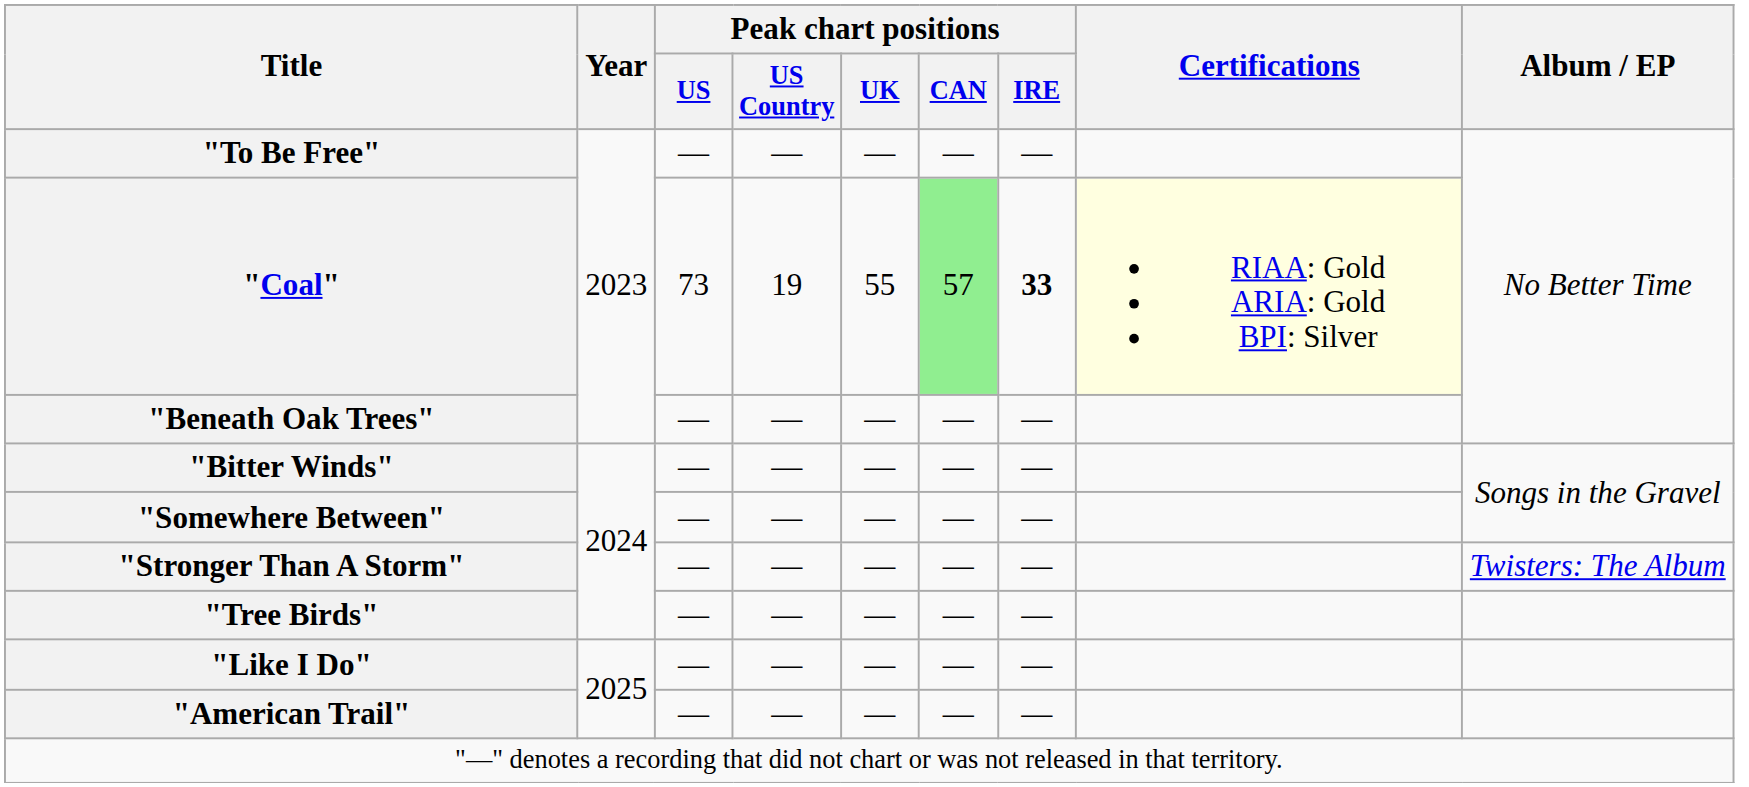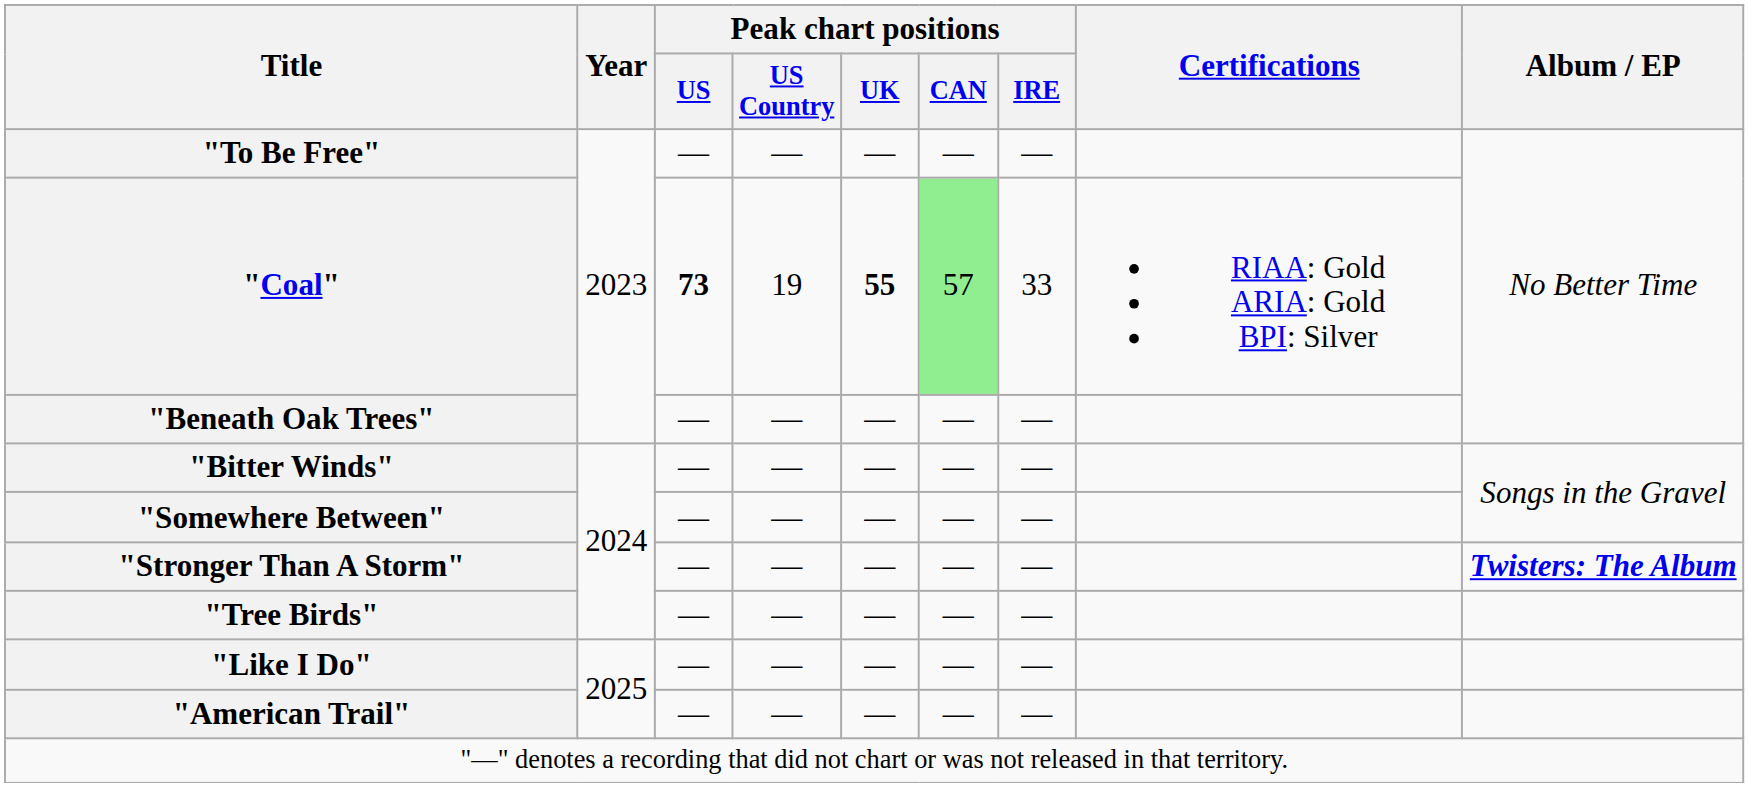 <table class="wikitable plainrowheaders" style="text-align:center;">
 <tr>
 <th scope="col" rowspan="2" style="width:18em;">Title</th>
 <th scope="col" rowspan="2">Year</th>
 <th colspan="5" scope="col">Peak chart positions</th>
 <th scope="col" rowspan="2" style="width:12em;"><a href='#'>Certifications</a></th>
 <th scope="col" rowspan="2">Album / EP</th>
 </tr>
 <tr>
 <th scope="col" style="width:2.5em;font-size:85%;"><a href='#'>US</a><br></th>
 <th scope="col" style="width:2.5em;font-size:85%;"><a href='#'>US Country</a><br></th>
 <th scope="col" style="width:2.5em;font-size:85%;"><a href='#'>UK</a><br></th>
 <th scope="col" style="width:2.5em;font-size:85%;"><a href='#'>CAN</a><br></th>
 <th scope="col" style="width:2.5em;font-size:85%;"><a href='#'>IRE</a><br></th>
 </tr>
 <tr>
 <th scope="row">"To Be Free"</th>
 <td rowspan= "3">2023</td>
 <td>—</td>
 <td>—</td>
 <td>—</td>
 <td>—</td>
 <td>—</td>
 <td></td>
 <td rowspan= "3"><em>No Better Time</em></td>
 </tr>
 <tr>
 <th scope="row">"<a href='#'>Coal</a>"</th>
-<td>73</td>
+<td><strong>73</strong></td>
 <td>19</td>
-<td>55</td>
+<td><strong>55</strong></td>
 <td style="background: lightgreen;">57</td>
-<td><strong>33</strong></td>
-<td style="background: lightyellow;"><br><ul><li><a href='#'>RIAA</a>: Gold</li><li><a href='#'>ARIA</a>: Gold</li><li><a href='#'>BPI</a>: Silver</li></ul></td>
+<td>33</td>
+<td><br><ul><li><a href='#'>RIAA</a>: Gold</li><li><a href='#'>ARIA</a>: Gold</li><li><a href='#'>BPI</a>: Silver</li></ul></td>
 </tr>
 <tr>
 <th scope="row">"Beneath Oak Trees"</th>
 <td>—</td>
 <td>—</td>
 <td>—</td>
 <td>—</td>
 <td>—</td>
 <td></td>
 </tr>
 <tr>
 <th scope="row">"Bitter Winds"</th>
 <td rowspan= "4">2024</td>
 <td>—</td>
 <td>—</td>
 <td>—</td>
 <td>—</td>
 <td>—</td>
 <td></td>
 <td rowspan="2"><em>Songs in the Gravel</em></td>
 </tr>
 <tr>
 <th scope="row">"Somewhere Between"</th>
 <td>—</td>
 <td>—</td>
 <td>—</td>
 <td>—</td>
 <td>—</td>
 <td></td>
 </tr>
 <tr>
 <th scope="row">"Stronger Than A Storm"</th>
 <td>—</td>
 <td>—</td>
 <td>—</td>
 <td>—</td>
 <td>—</td>
 <td></td>
-<td><em><a href='#'>Twisters: The Album</a></em></td>
+<td><strong><em><a href='#'>Twisters: The Album</a></em></strong></td>
 </tr>
 <tr>
 <th scope="row">"Tree Birds"</th>
 <td>—</td>
 <td>—</td>
 <td>—</td>
 <td>—</td>
 <td>—</td>
 <td></td>
 <td></td>
 </tr>
 <tr>
 <th scope="row">"Like I Do"</th>
 <td rowspan=2>2025</td>
 <td>—</td>
 <td>—</td>
 <td>—</td>
 <td>—</td>
 <td>—</td>
 <td></td>
 <td></td>
 </tr>
 <tr>
 <th scope="row">"American Trail"</th>
 <td>—</td>
 <td>—</td>
 <td>—</td>
 <td>—</td>
 <td>—</td>
 <td></td>
 <td></td>
 </tr>
 <tr>
 <td colspan="11" style="font-size:85%">"—" denotes a recording that did not chart or was not released in that territory.</td>
 </tr>
 </table>
